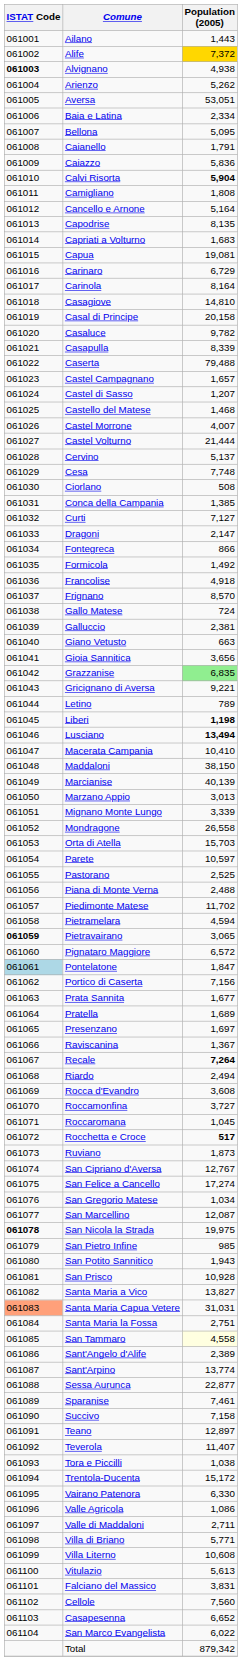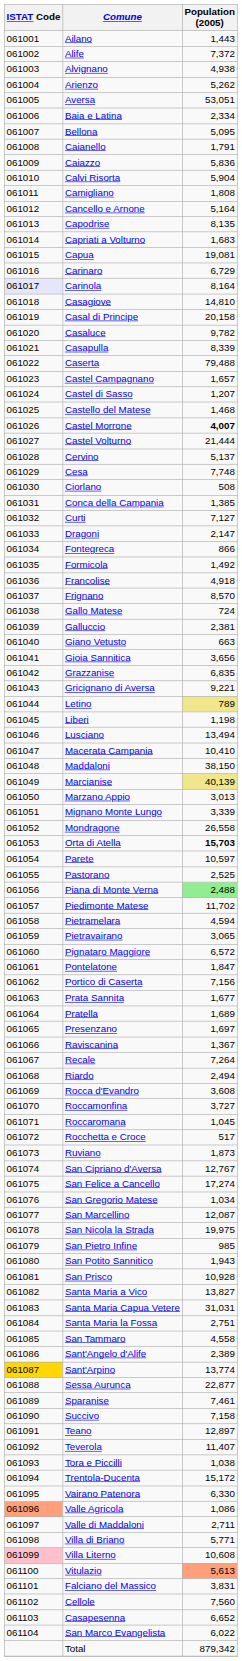 <table class="wikitable sortable">
 <tr>
 <th><a href='#'>ISTAT</a> Code</th>
 <th><em><a href='#'>Comune</a></em></th>
 <th>Population <br>(2005)</th>
 </tr>
 <tr>
 <td>061001</td>
 <td><a href='#'>Ailano</a></td>
 <td align="right">1,443</td>
 </tr>
 <tr>
 <td>061002</td>
 <td><a href='#'>Alife</a></td>
-<td align="right" style="background: gold;">7,372</td>
+<td align="right">7,372</td>
 </tr>
 <tr>
-<td><strong>061003</strong></td>
+<td>061003</td>
 <td><a href='#'>Alvignano</a></td>
 <td align="right">4,938</td>
 </tr>
 <tr>
 <td>061004</td>
 <td><a href='#'>Arienzo</a></td>
 <td align="right">5,262</td>
 </tr>
 <tr>
 <td>061005</td>
 <td><a href='#'>Aversa</a></td>
 <td align="right">53,051</td>
 </tr>
 <tr>
 <td>061006</td>
 <td><a href='#'>Baia e Latina</a></td>
 <td align="right">2,334</td>
 </tr>
 <tr>
 <td>061007</td>
 <td><a href='#'>Bellona</a></td>
 <td align="right">5,095</td>
 </tr>
 <tr>
 <td>061008</td>
 <td><a href='#'>Caianello</a></td>
 <td align="right">1,791</td>
 </tr>
 <tr>
 <td>061009</td>
 <td><a href='#'>Caiazzo</a></td>
 <td align="right">5,836</td>
 </tr>
 <tr>
 <td>061010</td>
 <td><a href='#'>Calvi Risorta</a></td>
-<td align="right"><strong>5,904</strong></td>
+<td align="right">5,904</td>
 </tr>
 <tr>
 <td>061011</td>
 <td><a href='#'>Camigliano</a></td>
 <td align="right">1,808</td>
 </tr>
 <tr>
 <td>061012</td>
 <td><a href='#'>Cancello e Arnone</a></td>
 <td align="right">5,164</td>
 </tr>
 <tr>
 <td>061013</td>
 <td><a href='#'>Capodrise</a></td>
 <td align="right">8,135</td>
 </tr>
 <tr>
 <td>061014</td>
 <td><a href='#'>Capriati a Volturno</a></td>
 <td align="right">1,683</td>
 </tr>
 <tr>
 <td>061015</td>
 <td><a href='#'>Capua</a></td>
 <td align="right">19,081</td>
 </tr>
 <tr>
 <td>061016</td>
 <td><a href='#'>Carinaro</a></td>
 <td align="right">6,729</td>
 </tr>
 <tr>
-<td>061017</td>
+<td style="background: lavender;">061017</td>
 <td><a href='#'>Carinola</a></td>
 <td align="right">8,164</td>
 </tr>
 <tr>
 <td>061018</td>
 <td><a href='#'>Casagiove</a></td>
 <td align="right">14,810</td>
 </tr>
 <tr>
 <td>061019</td>
 <td><a href='#'>Casal di Principe</a></td>
 <td align="right">20,158</td>
 </tr>
 <tr>
 <td>061020</td>
 <td><a href='#'>Casaluce</a></td>
 <td align="right">9,782</td>
 </tr>
 <tr>
 <td>061021</td>
 <td><a href='#'>Casapulla</a></td>
 <td align="right">8,339</td>
 </tr>
 <tr>
 <td>061022</td>
 <td><a href='#'>Caserta</a></td>
 <td align="right">79,488</td>
 </tr>
 <tr>
 <td>061023</td>
 <td><a href='#'>Castel Campagnano</a></td>
 <td align="right">1,657</td>
 </tr>
 <tr>
 <td>061024</td>
 <td><a href='#'>Castel di Sasso</a></td>
 <td align="right">1,207</td>
 </tr>
 <tr>
 <td>061025</td>
 <td><a href='#'>Castello del Matese</a></td>
 <td align="right">1,468</td>
 </tr>
 <tr>
 <td>061026</td>
 <td><a href='#'>Castel Morrone</a></td>
-<td align="right">4,007</td>
+<td align="right"><strong>4,007</strong></td>
 </tr>
 <tr>
 <td>061027</td>
 <td><a href='#'>Castel Volturno</a></td>
 <td align="right">21,444</td>
 </tr>
 <tr>
 <td>061028</td>
 <td><a href='#'>Cervino</a></td>
 <td align="right">5,137</td>
 </tr>
 <tr>
 <td>061029</td>
 <td><a href='#'>Cesa</a></td>
 <td align="right">7,748</td>
 </tr>
 <tr>
 <td>061030</td>
 <td><a href='#'>Ciorlano</a></td>
 <td align="right">508</td>
 </tr>
 <tr>
 <td>061031</td>
 <td><a href='#'>Conca della Campania</a></td>
 <td align="right">1,385</td>
 </tr>
 <tr>
 <td>061032</td>
 <td><a href='#'>Curti</a></td>
 <td align="right">7,127</td>
 </tr>
 <tr>
 <td>061033</td>
 <td><a href='#'>Dragoni</a></td>
 <td align="right">2,147</td>
 </tr>
 <tr>
 <td>061034</td>
 <td><a href='#'>Fontegreca</a></td>
 <td align="right">866</td>
 </tr>
 <tr>
 <td>061035</td>
 <td><a href='#'>Formicola</a></td>
 <td align="right">1,492</td>
 </tr>
 <tr>
 <td>061036</td>
 <td><a href='#'>Francolise</a></td>
 <td align="right">4,918</td>
 </tr>
 <tr>
 <td>061037</td>
 <td><a href='#'>Frignano</a></td>
 <td align="right">8,570</td>
 </tr>
 <tr>
 <td>061038</td>
 <td><a href='#'>Gallo Matese</a></td>
 <td align="right">724</td>
 </tr>
 <tr>
 <td>061039</td>
 <td><a href='#'>Galluccio</a></td>
 <td align="right">2,381</td>
 </tr>
 <tr>
 <td>061040</td>
 <td><a href='#'>Giano Vetusto</a></td>
 <td align="right">663</td>
 </tr>
 <tr>
 <td>061041</td>
 <td><a href='#'>Gioia Sannitica</a></td>
 <td align="right">3,656</td>
 </tr>
 <tr>
 <td>061042</td>
 <td><a href='#'>Grazzanise</a></td>
-<td align="right" style="background: lightgreen;">6,835</td>
+<td align="right">6,835</td>
 </tr>
 <tr>
 <td>061043</td>
 <td><a href='#'>Gricignano di Aversa</a></td>
 <td align="right">9,221</td>
 </tr>
 <tr>
 <td>061044</td>
 <td><a href='#'>Letino</a></td>
-<td align="right">789</td>
+<td align="right" style="background: khaki;">789</td>
 </tr>
 <tr>
 <td>061045</td>
 <td><a href='#'>Liberi</a></td>
-<td align="right"><strong>1,198</strong></td>
+<td align="right">1,198</td>
 </tr>
 <tr>
 <td>061046</td>
 <td><a href='#'>Lusciano</a></td>
-<td align="right"><strong>13,494</strong></td>
+<td align="right">13,494</td>
 </tr>
 <tr>
 <td>061047</td>
 <td><a href='#'>Macerata Campania</a></td>
 <td align="right">10,410</td>
 </tr>
 <tr>
 <td>061048</td>
 <td><a href='#'>Maddaloni</a></td>
 <td align="right">38,150</td>
 </tr>
 <tr>
 <td>061049</td>
 <td><a href='#'>Marcianise</a></td>
-<td align="right">40,139</td>
+<td align="right" style="background: khaki;">40,139</td>
 </tr>
 <tr>
 <td>061050</td>
 <td><a href='#'>Marzano Appio</a></td>
 <td align="right">3,013</td>
 </tr>
 <tr>
 <td>061051</td>
 <td><a href='#'>Mignano Monte Lungo</a></td>
 <td align="right">3,339</td>
 </tr>
 <tr>
 <td>061052</td>
 <td><a href='#'>Mondragone</a></td>
 <td align="right">26,558</td>
 </tr>
 <tr>
 <td>061053</td>
 <td><a href='#'>Orta di Atella</a></td>
-<td align="right">15,703</td>
+<td align="right"><strong>15,703</strong></td>
 </tr>
 <tr>
 <td>061054</td>
 <td><a href='#'>Parete</a></td>
 <td align="right">10,597</td>
 </tr>
 <tr>
 <td>061055</td>
 <td><a href='#'>Pastorano</a></td>
 <td align="right">2,525</td>
 </tr>
 <tr>
 <td>061056</td>
 <td><a href='#'>Piana di Monte Verna</a></td>
-<td align="right">2,488</td>
+<td align="right" style="background: lightgreen;">2,488</td>
 </tr>
 <tr>
 <td>061057</td>
 <td><a href='#'>Piedimonte Matese</a></td>
 <td align="right">11,702</td>
 </tr>
 <tr>
 <td>061058</td>
 <td><a href='#'>Pietramelara</a></td>
 <td align="right">4,594</td>
 </tr>
 <tr>
-<td><strong>061059</strong></td>
+<td>061059</td>
 <td><a href='#'>Pietravairano</a></td>
 <td align="right">3,065</td>
 </tr>
 <tr>
 <td>061060</td>
 <td><a href='#'>Pignataro Maggiore</a></td>
 <td align="right">6,572</td>
 </tr>
 <tr>
-<td style="background: lightblue;">061061</td>
+<td>061061</td>
 <td><a href='#'>Pontelatone</a></td>
 <td align="right">1,847</td>
 </tr>
 <tr>
 <td>061062</td>
 <td><a href='#'>Portico di Caserta</a></td>
 <td align="right">7,156</td>
 </tr>
 <tr>
 <td>061063</td>
 <td><a href='#'>Prata Sannita</a></td>
 <td align="right">1,677</td>
 </tr>
 <tr>
 <td>061064</td>
 <td><a href='#'>Pratella</a></td>
 <td align="right">1,689</td>
 </tr>
 <tr>
 <td>061065</td>
 <td><a href='#'>Presenzano</a></td>
 <td align="right">1,697</td>
 </tr>
 <tr>
 <td>061066</td>
 <td><a href='#'>Raviscanina</a></td>
 <td align="right">1,367</td>
 </tr>
 <tr>
 <td>061067</td>
 <td><a href='#'>Recale</a></td>
-<td align="right"><strong>7,264</strong></td>
+<td align="right">7,264</td>
 </tr>
 <tr>
 <td>061068</td>
 <td><a href='#'>Riardo</a></td>
 <td align="right">2,494</td>
 </tr>
 <tr>
 <td>061069</td>
 <td><a href='#'>Rocca d'Evandro</a></td>
 <td align="right">3,608</td>
 </tr>
 <tr>
 <td>061070</td>
 <td><a href='#'>Roccamonfina</a></td>
 <td align="right">3,727</td>
 </tr>
 <tr>
 <td>061071</td>
 <td><a href='#'>Roccaromana</a></td>
 <td align="right">1,045</td>
 </tr>
 <tr>
 <td>061072</td>
 <td><a href='#'>Rocchetta e Croce</a></td>
-<td align="right"><strong>517</strong></td>
+<td align="right">517</td>
 </tr>
 <tr>
 <td>061073</td>
 <td><a href='#'>Ruviano</a></td>
 <td align="right">1,873</td>
 </tr>
 <tr>
 <td>061074</td>
 <td><a href='#'>San Cipriano d'Aversa</a></td>
 <td align="right">12,767</td>
 </tr>
 <tr>
 <td>061075</td>
 <td><a href='#'>San Felice a Cancello</a></td>
 <td align="right">17,274</td>
 </tr>
 <tr>
 <td>061076</td>
 <td><a href='#'>San Gregorio Matese</a></td>
 <td align="right">1,034</td>
 </tr>
 <tr>
 <td>061077</td>
 <td><a href='#'>San Marcellino</a></td>
 <td align="right">12,087</td>
 </tr>
 <tr>
-<td><strong>061078</strong></td>
+<td>061078</td>
 <td><a href='#'>San Nicola la Strada</a></td>
 <td align="right">19,975</td>
 </tr>
 <tr>
 <td>061079</td>
 <td><a href='#'>San Pietro Infine</a></td>
 <td align="right">985</td>
 </tr>
 <tr>
 <td>061080</td>
 <td><a href='#'>San Potito Sannitico</a></td>
 <td align="right">1,943</td>
 </tr>
 <tr>
 <td>061081</td>
 <td><a href='#'>San Prisco</a></td>
 <td align="right">10,928</td>
 </tr>
 <tr>
 <td>061082</td>
 <td><a href='#'>Santa Maria a Vico</a></td>
 <td align="right">13,827</td>
 </tr>
 <tr>
-<td style="background: lightsalmon;">061083</td>
+<td>061083</td>
 <td><a href='#'>Santa Maria Capua Vetere</a></td>
 <td align="right">31,031</td>
 </tr>
 <tr>
 <td>061084</td>
 <td><a href='#'>Santa Maria la Fossa</a></td>
 <td align="right">2,751</td>
 </tr>
 <tr>
 <td>061085</td>
 <td><a href='#'>San Tammaro</a></td>
-<td align="right" style="background: lightyellow;">4,558</td>
+<td align="right">4,558</td>
 </tr>
 <tr>
 <td>061086</td>
 <td><a href='#'>Sant'Angelo d'Alife</a></td>
 <td align="right">2,389</td>
 </tr>
 <tr>
-<td>061087</td>
+<td style="background: gold;">061087</td>
 <td><a href='#'>Sant'Arpino</a></td>
 <td align="right">13,774</td>
 </tr>
 <tr>
 <td>061088</td>
 <td><a href='#'>Sessa Aurunca</a></td>
 <td align="right">22,877</td>
 </tr>
 <tr>
 <td>061089</td>
 <td><a href='#'>Sparanise</a></td>
 <td align="right">7,461</td>
 </tr>
 <tr>
 <td>061090</td>
 <td><a href='#'>Succivo</a></td>
 <td align="right">7,158</td>
 </tr>
 <tr>
 <td>061091</td>
 <td><a href='#'>Teano</a></td>
 <td align="right">12,897</td>
 </tr>
 <tr>
 <td>061092</td>
 <td><a href='#'>Teverola</a></td>
 <td align="right">11,407</td>
 </tr>
 <tr>
 <td>061093</td>
 <td><a href='#'>Tora e Piccilli</a></td>
 <td align="right">1,038</td>
 </tr>
 <tr>
 <td>061094</td>
 <td><a href='#'>Trentola-Ducenta</a></td>
 <td align="right">15,172</td>
 </tr>
 <tr>
 <td>061095</td>
 <td><a href='#'>Vairano Patenora</a></td>
 <td align="right">6,330</td>
 </tr>
 <tr>
-<td>061096</td>
+<td style="background: lightsalmon;">061096</td>
 <td><a href='#'>Valle Agricola</a></td>
 <td align="right">1,086</td>
 </tr>
 <tr>
 <td>061097</td>
 <td><a href='#'>Valle di Maddaloni</a></td>
 <td align="right">2,711</td>
 </tr>
 <tr>
 <td>061098</td>
 <td><a href='#'>Villa di Briano</a></td>
 <td align="right">5,771</td>
 </tr>
 <tr>
-<td>061099</td>
+<td style="background: pink;">061099</td>
 <td><a href='#'>Villa Literno</a></td>
 <td align="right">10,608</td>
 </tr>
 <tr>
 <td>061100</td>
 <td><a href='#'>Vitulazio</a></td>
-<td align="right">5,613</td>
+<td align="right" style="background: lightsalmon;">5,613</td>
 </tr>
 <tr>
 <td>061101</td>
 <td><a href='#'>Falciano del Massico</a></td>
 <td align="right">3,831</td>
 </tr>
 <tr>
 <td>061102</td>
 <td><a href='#'>Cellole</a></td>
 <td align="right">7,560</td>
 </tr>
 <tr>
 <td>061103</td>
 <td><a href='#'>Casapesenna</a></td>
 <td align="right">6,652</td>
 </tr>
 <tr>
 <td>061104</td>
 <td><a href='#'>San Marco Evangelista</a></td>
 <td align="right">6,022</td>
 </tr>
 <tr>
 <td></td>
 <td>Total</td>
 <td align="right">879,342</td>
 </tr>
 <tr>
 </tr>
 </table>
